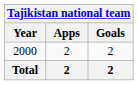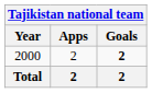 <table class="wikitable" style="text-align:center">
 <tr>
 <th colspan=3><a href='#'>Tajikistan national team</a></th>
 </tr>
 <tr>
 <th>Year</th>
 <th>Apps</th>
 <th>Goals</th>
 </tr>
 <tr>
 <td>2000</td>
 <td>2</td>
-<td>2</td>
+<td><strong>2</strong></td>
 </tr>
 <tr>
 <th>Total</th>
 <th>2</th>
 <th>2</th>
 </tr>
 </table>
